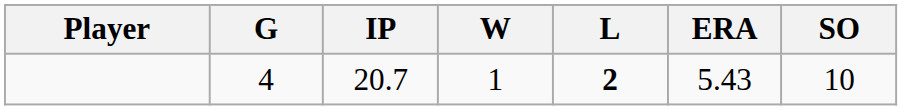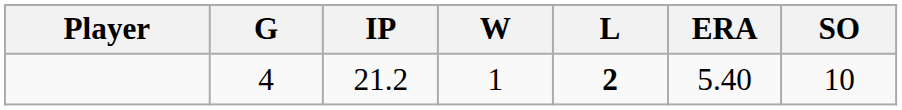 <table class="wikitable sortable">
 <tr>
 <th bgcolor="#DDDDFF" width="16%">Player</th>
 <th bgcolor="#DDDDFF" width="9%">G</th>
 <th bgcolor="#DDDDFF" width="9%">IP</th>
 <th bgcolor="#DDDDFF" width="9%">W</th>
 <th bgcolor="#DDDDFF" width="9%">L</th>
 <th bgcolor="#DDDDFF" width="9%">ERA</th>
 <th bgcolor="#DDDDFF" width="9%">SO</th>
 </tr>
 <tr align="center">
 <td></td>
 <td>4</td>
-<td>20.7</td>
+<td>21.2</td>
 <td>1</td>
 <td><strong>2</strong></td>
-<td>5.43</td>
+<td>5.40</td>
 <td>10</td>
 </tr>
 </table>
